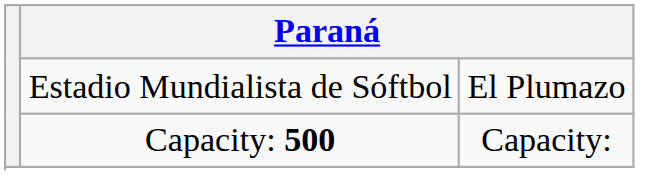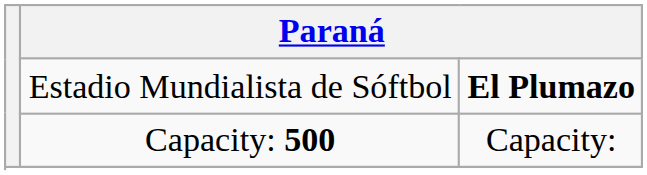 <table class="wikitable" style="text-align:center">
 <tr>
 <th rowspan="4"></th>
 <th colspan="2"><a href='#'>Paraná</a></th>
 </tr>
 <tr>
 <td>Estadio Mundialista de Sóftbol</td>
-<td>El Plumazo</td>
+<td><strong>El Plumazo</strong></td>
 </tr>
 <tr>
 <td>Capacity: <strong>500</strong></td>
 <td>Capacity:</td>
 </tr>
 <tr>
 </tr>
 </table>
